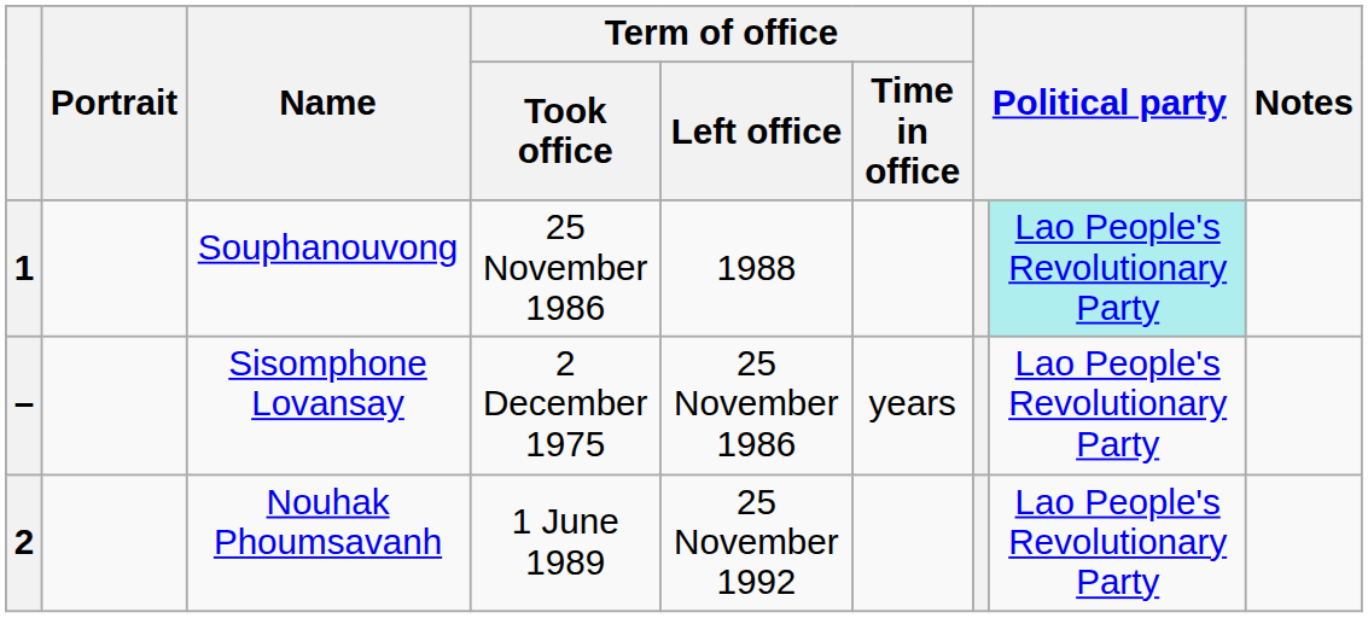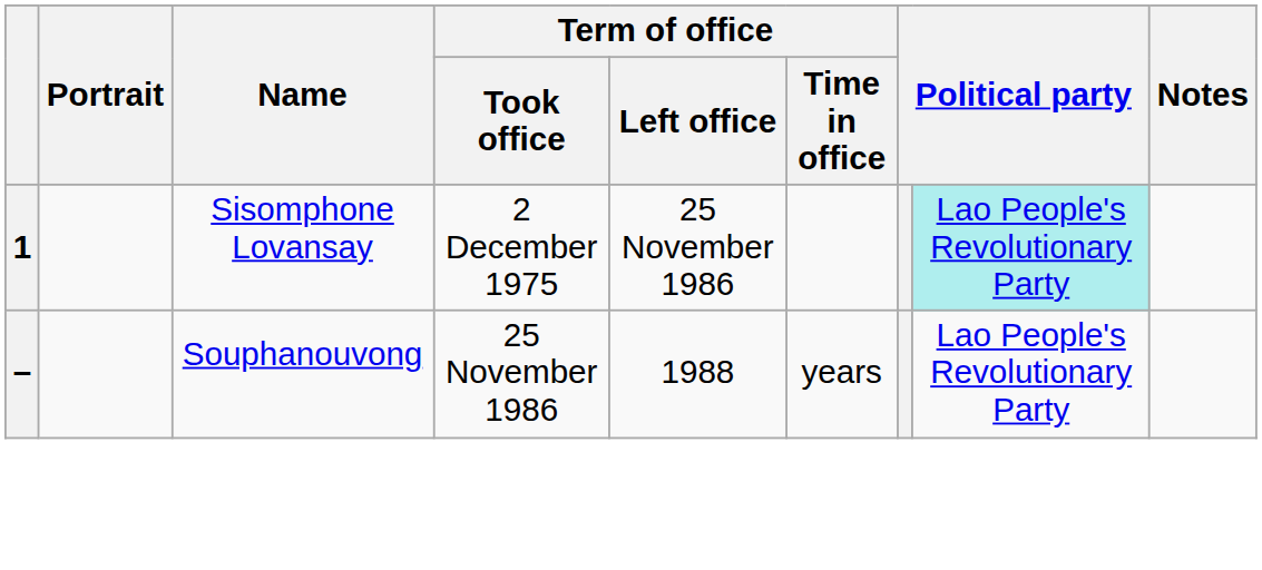 <table class="wikitable" style="text-align:center">
 <tr>
 <th rowspan=2></th>
 <th rowspan=2>Portrait</th>
 <th rowspan=2>Name<br></th>
 <th colspan=3>Term of office</th>
 <th colspan=2 rowspan=2><a href='#'>Political party</a></th>
 <th rowspan=2>Notes</th>
 </tr>
 <tr>
 <th>Took office</th>
 <th>Left office</th>
 <th>Time in office</th>
 </tr>
 <tr>
 <th>1</th>
 <td></td>
-<td><a href='#'>Souphanouvong</a><br><br></td>
+<td><a href='#'>Sisomphone Lovansay</a><br><br></td>
+<td>2 December 1975</td>
 <td>25 November 1986</td>
-<td>1988</td>
 <td></td>
 <th style="background:"></th>
 <td style="background: paleturquoise;"><a href='#'>Lao People's Revolutionary Party</a></td>
 <td></td>
 </tr>
 <tr>
 <th>–</th>
 <td></td>
-<td><a href='#'>Sisomphone Lovansay</a><br><br></td>
-<td>2 December 1975</td>
+<td><a href='#'>Souphanouvong</a><br><br></td>
 <td>25 November 1986</td>
+<td>1988</td>
 <td> years</td>
 <th style="background:"></th>
 <td><a href='#'>Lao People's Revolutionary Party</a></td>
 <td></td>
 </tr>
-<tr>
-<th>2</th>
-<td></td>
-<td><a href='#'>Nouhak Phoumsavanh</a><br><br></td>
-<td>1 June 1989</td>
-<td>25 November 1992</td>
-<td></td>
-<th style="background:"></th>
-<td><a href='#'>Lao People's Revolutionary Party</a></td>
-<td></td>
-</tr>
 </table>
